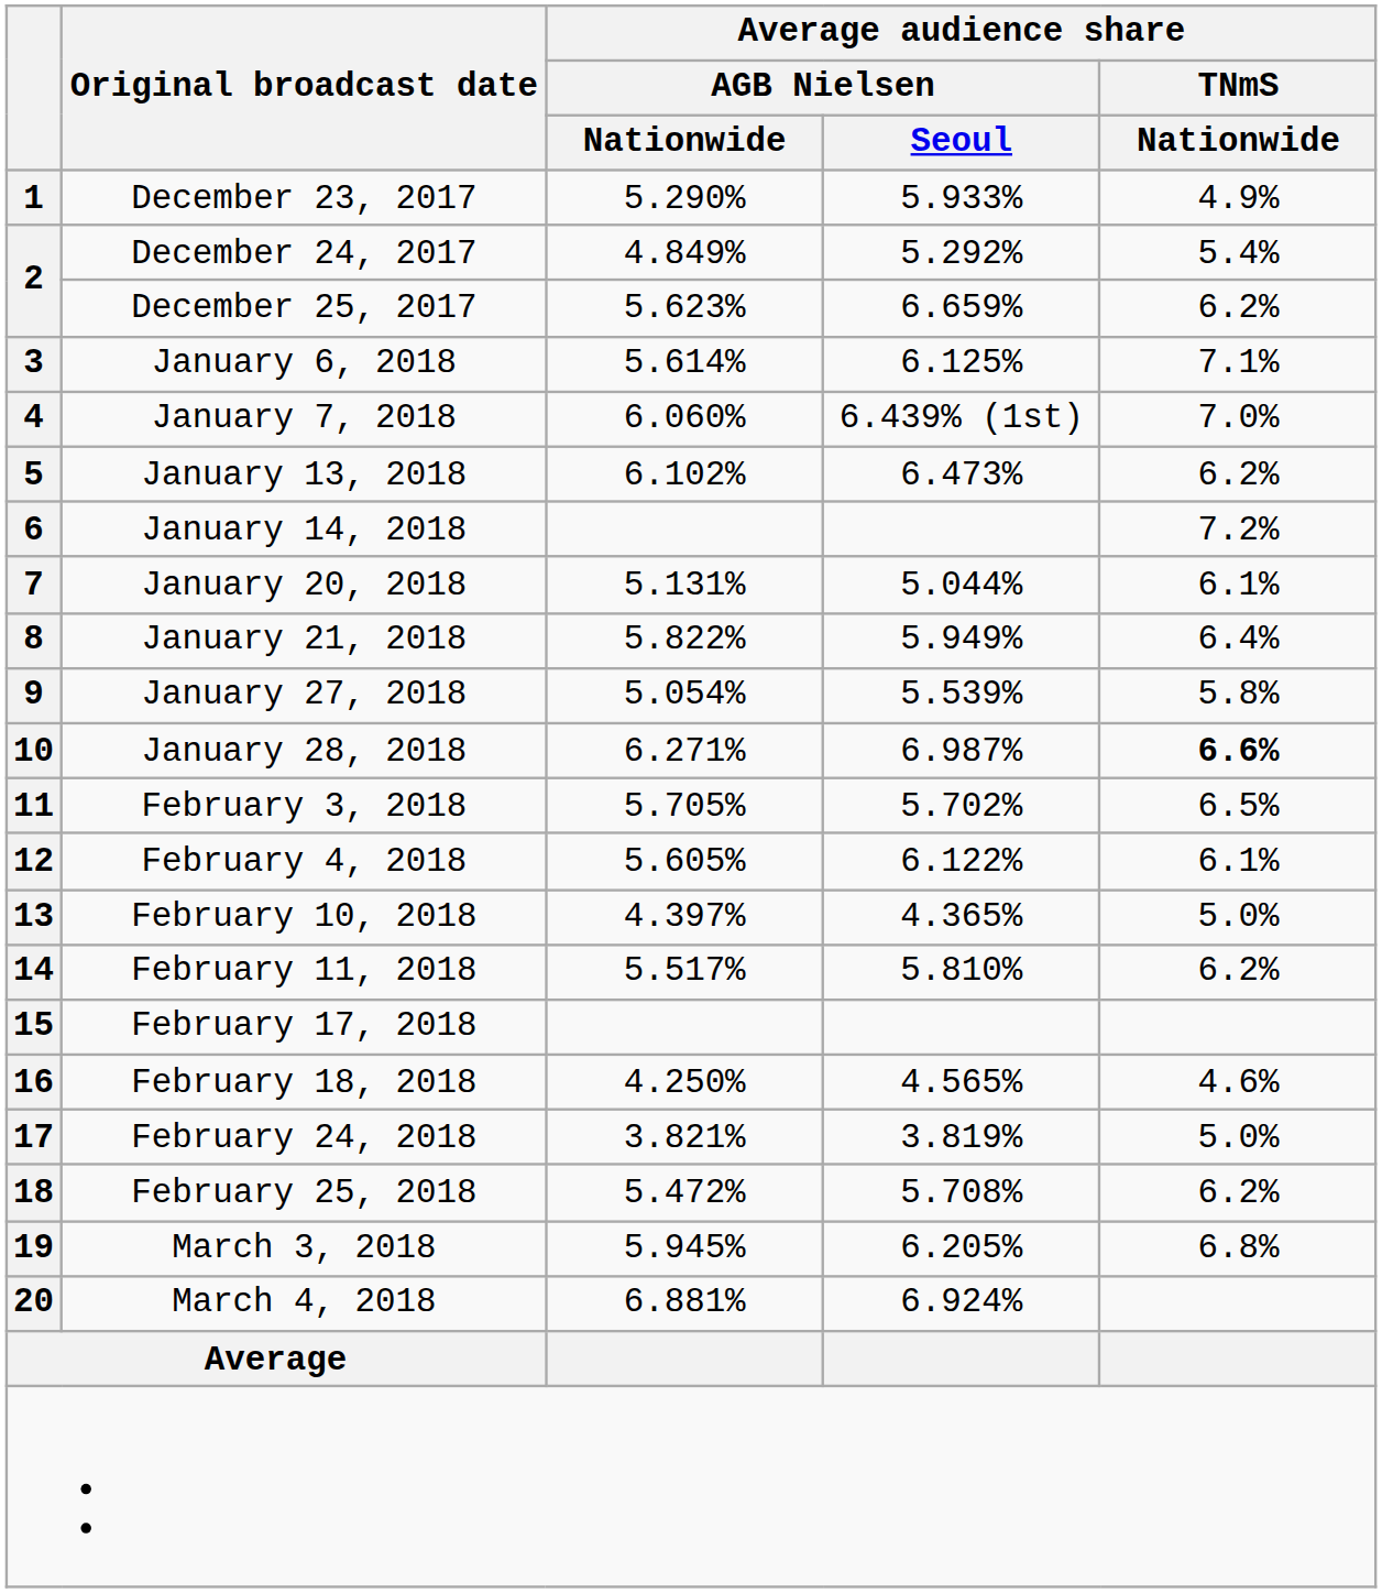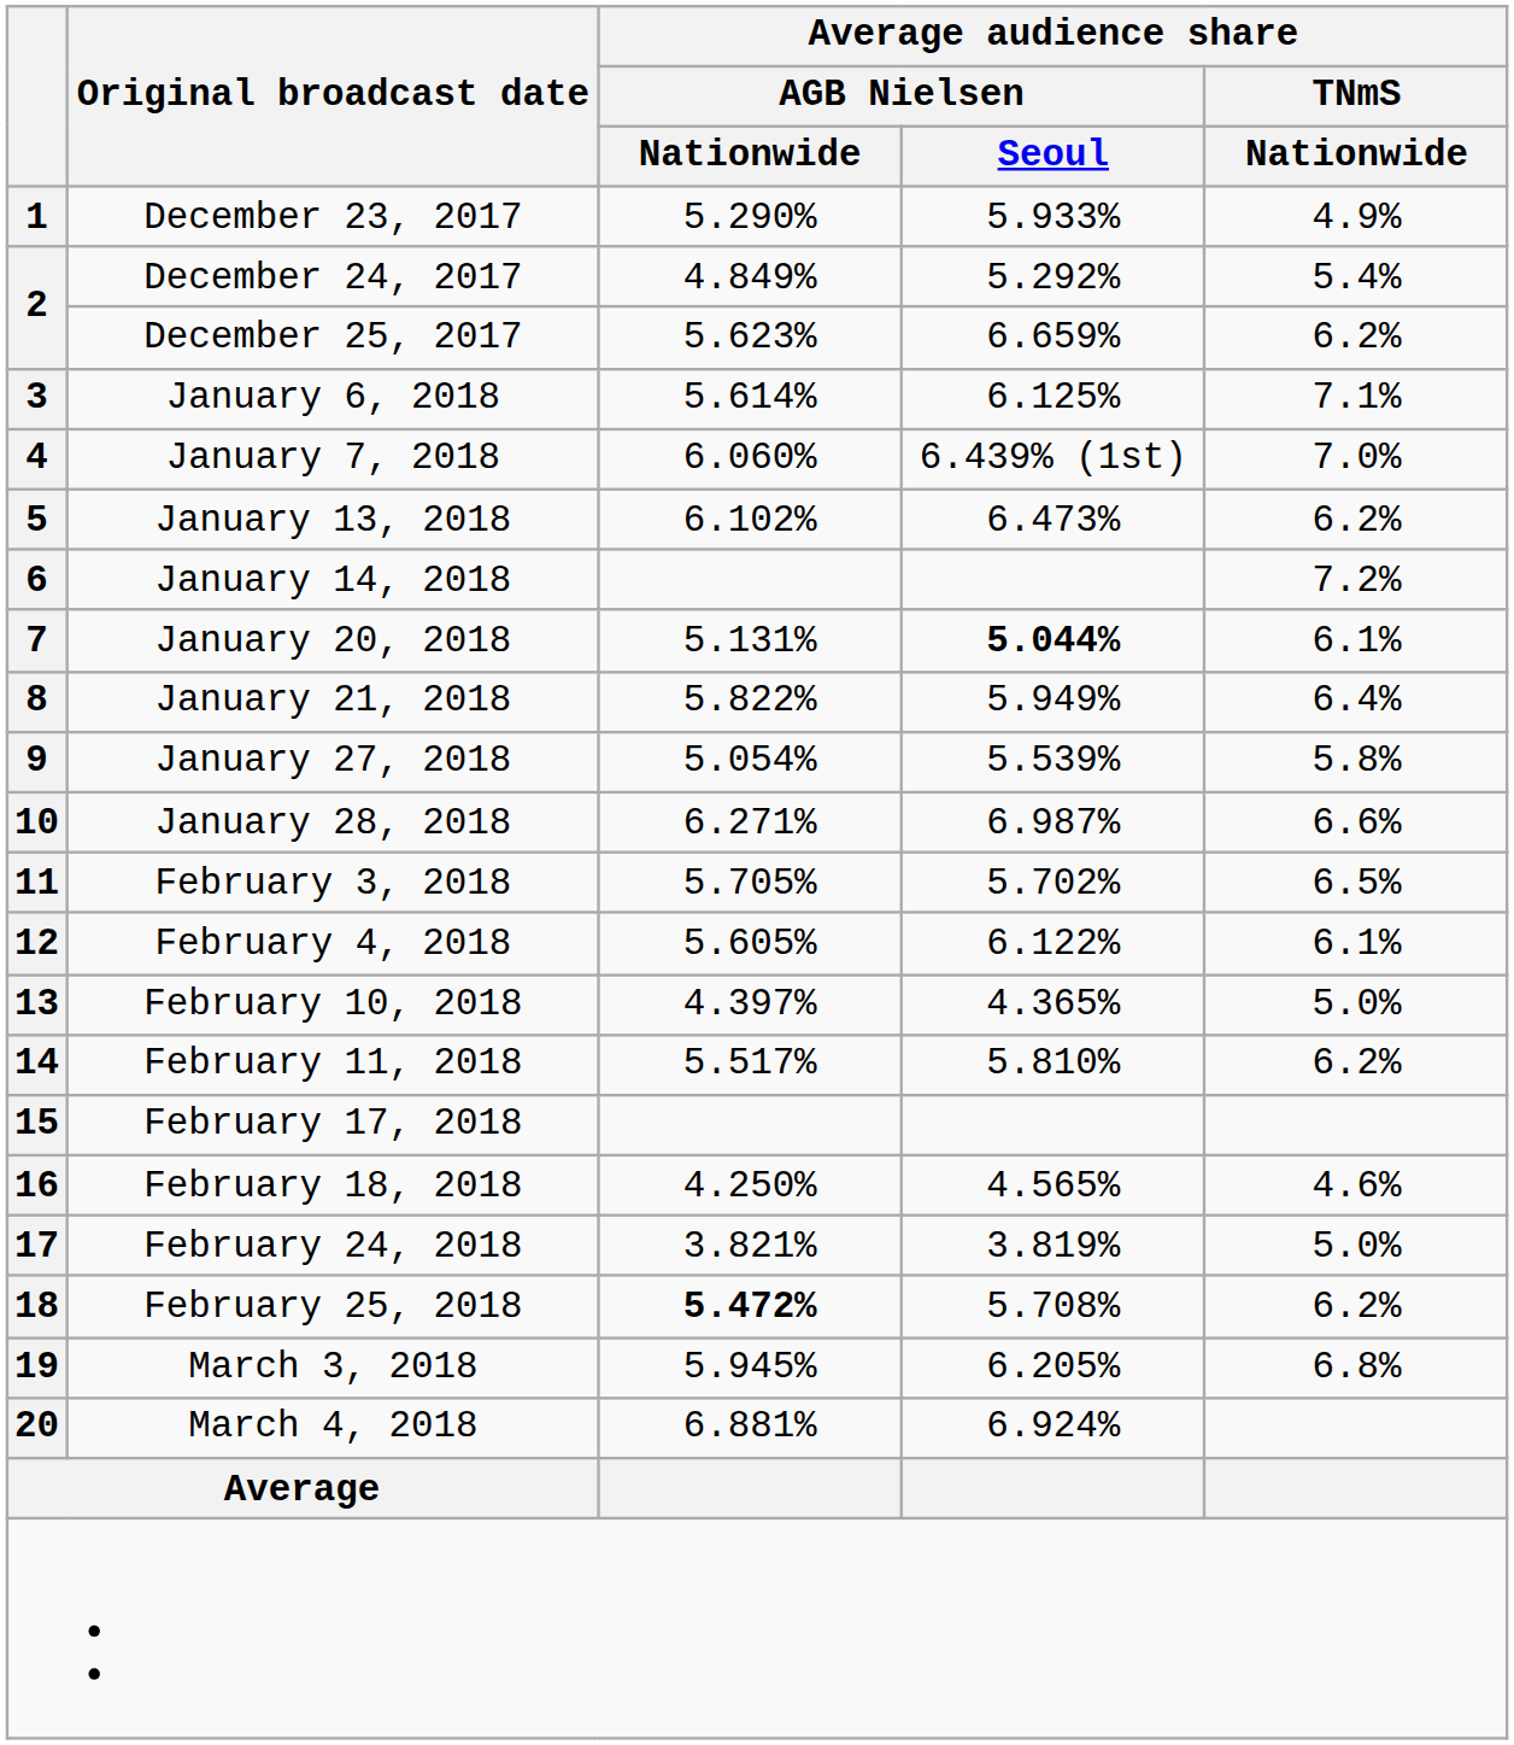 <table class="wikitable" style="text-align:center;max-width:600px; margin-left: auto; margin-right: auto; border: none;">
 <tr>
 </tr>
 <tr>
 <th rowspan="3"></th>
 <th rowspan="3">Original broadcast date</th>
 <th colspan="4">Average audience share</th>
 </tr>
 <tr>
 <th colspan="2">AGB Nielsen</th>
 <th>TNmS</th>
 </tr>
 <tr>
 <th width="100">Nationwide</th>
 <th width="100"><a href='#'>Seoul</a></th>
 <th width="100">Nationwide</th>
 </tr>
 <tr>
 <th>1</th>
 <td>December 23, 2017</td>
 <td>5.290% </td>
 <td>5.933% </td>
 <td>4.9%</td>
 </tr>
 <tr>
 <th rowspan="2">2</th>
 <td>December 24, 2017</td>
 <td>4.849% </td>
 <td>5.292% </td>
 <td>5.4%</td>
 </tr>
 <tr>
 <td>December 25, 2017</td>
 <td>5.623% </td>
 <td>6.659% </td>
 <td>6.2%</td>
 </tr>
 <tr>
 <th>3</th>
 <td>January 6, 2018</td>
 <td>5.614% </td>
 <td>6.125% </td>
 <td>7.1%</td>
 </tr>
 <tr>
 <th>4</th>
 <td>January 7, 2018</td>
 <td>6.060% </td>
 <td>6.439% (1st)</td>
 <td>7.0%</td>
 </tr>
 <tr>
 <th>5</th>
 <td>January 13, 2018</td>
 <td>6.102% </td>
 <td>6.473% </td>
 <td>6.2%</td>
 </tr>
 <tr>
 <th>6</th>
 <td>January 14, 2018</td>
 <td> </td>
 <td> </td>
 <td>7.2%</td>
 </tr>
 <tr>
 <th>7</th>
 <td>January 20, 2018</td>
 <td>5.131% </td>
-<td>5.044% </td>
+<td><strong>5.044% </strong></td>
 <td>6.1%</td>
 </tr>
 <tr>
 <th>8</th>
 <td>January 21, 2018</td>
 <td>5.822% </td>
 <td>5.949% </td>
 <td>6.4%</td>
 </tr>
 <tr>
 <th>9</th>
 <td>January 27, 2018</td>
 <td>5.054% </td>
 <td>5.539% </td>
 <td>5.8%</td>
 </tr>
 <tr>
 <th>10</th>
 <td>January 28, 2018</td>
 <td>6.271% </td>
 <td>6.987% </td>
-<td><strong>6.6%</strong></td>
+<td>6.6%</td>
 </tr>
 <tr>
 <th>11</th>
 <td>February 3, 2018</td>
 <td>5.705% </td>
 <td>5.702% </td>
 <td>6.5%</td>
 </tr>
 <tr>
 <th>12</th>
 <td>February 4, 2018</td>
 <td>5.605% </td>
 <td>6.122% </td>
 <td>6.1%</td>
 </tr>
 <tr>
 <th>13</th>
 <td>February 10, 2018</td>
 <td>4.397% </td>
 <td>4.365% </td>
 <td>5.0%</td>
 </tr>
 <tr>
 <th>14</th>
 <td>February 11, 2018</td>
 <td>5.517% </td>
 <td>5.810% </td>
 <td>6.2%</td>
 </tr>
 <tr>
 <th>15</th>
 <td>February 17, 2018</td>
 <td> </td>
 <td> </td>
 <td></td>
 </tr>
 <tr>
 <th>16</th>
 <td>February 18, 2018</td>
 <td>4.250% </td>
 <td>4.565% </td>
 <td>4.6%</td>
 </tr>
 <tr>
 <th>17</th>
 <td>February 24, 2018</td>
 <td>3.821% </td>
 <td>3.819% </td>
 <td>5.0%</td>
 </tr>
 <tr>
 <th>18</th>
 <td>February 25, 2018</td>
-<td>5.472% </td>
+<td><strong>5.472% </strong></td>
 <td>5.708% </td>
 <td>6.2%</td>
 </tr>
 <tr>
 <th>19</th>
 <td>March 3, 2018</td>
 <td>5.945% </td>
 <td>6.205% </td>
 <td>6.8%</td>
 </tr>
 <tr>
 <th>20</th>
 <td>March 4, 2018</td>
 <td>6.881% </td>
 <td>6.924% </td>
 <td></td>
 </tr>
 <tr>
 <th colspan="2">Average</th>
 <th></th>
 <th></th>
 <th></th>
 </tr>
 <tr>
 <td colspan="6"><br><ul><li></li><li></li></ul></td>
 </tr>
 </table>
